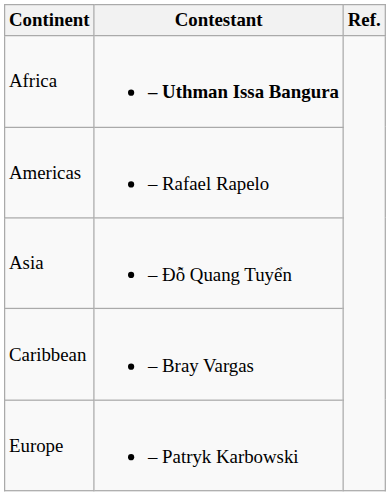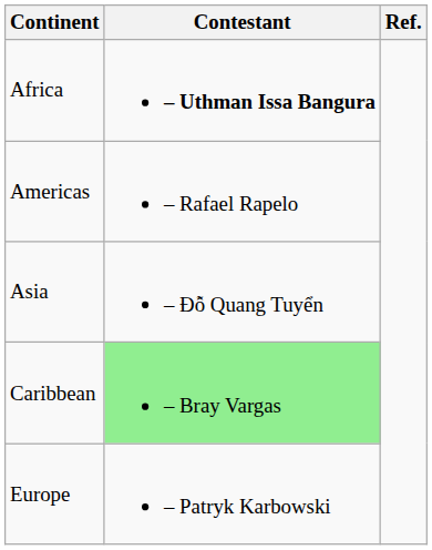 <table class="wikitable" style="font-size:95%;">
 <tr>
 <th>Continent</th>
 <th>Contestant</th>
 <th>Ref.</th>
 </tr>
 <tr>
 <td>Africa</td>
 <td><strong><br><ul><li> – Uthman Issa Bangura</li></ul></strong></td>
 <td rowspan="5"></td>
 </tr>
 <tr>
 <td>Americas</td>
 <td><br><ul><li> – Rafael Rapelo</li></ul></td>
 </tr>
 <tr>
 <td>Asia</td>
 <td><br><ul><li> – Đỗ Quang Tuyển</li></ul></td>
 </tr>
 <tr>
 <td>Caribbean</td>
-<td><br><ul><li> – Bray Vargas</li></ul></td>
+<td style="background: lightgreen;"><br><ul><li> – Bray Vargas</li></ul></td>
 </tr>
 <tr>
 <td>Europe</td>
 <td><br><ul><li> – Patryk Karbowski</li></ul></td>
 </tr>
 </table>
